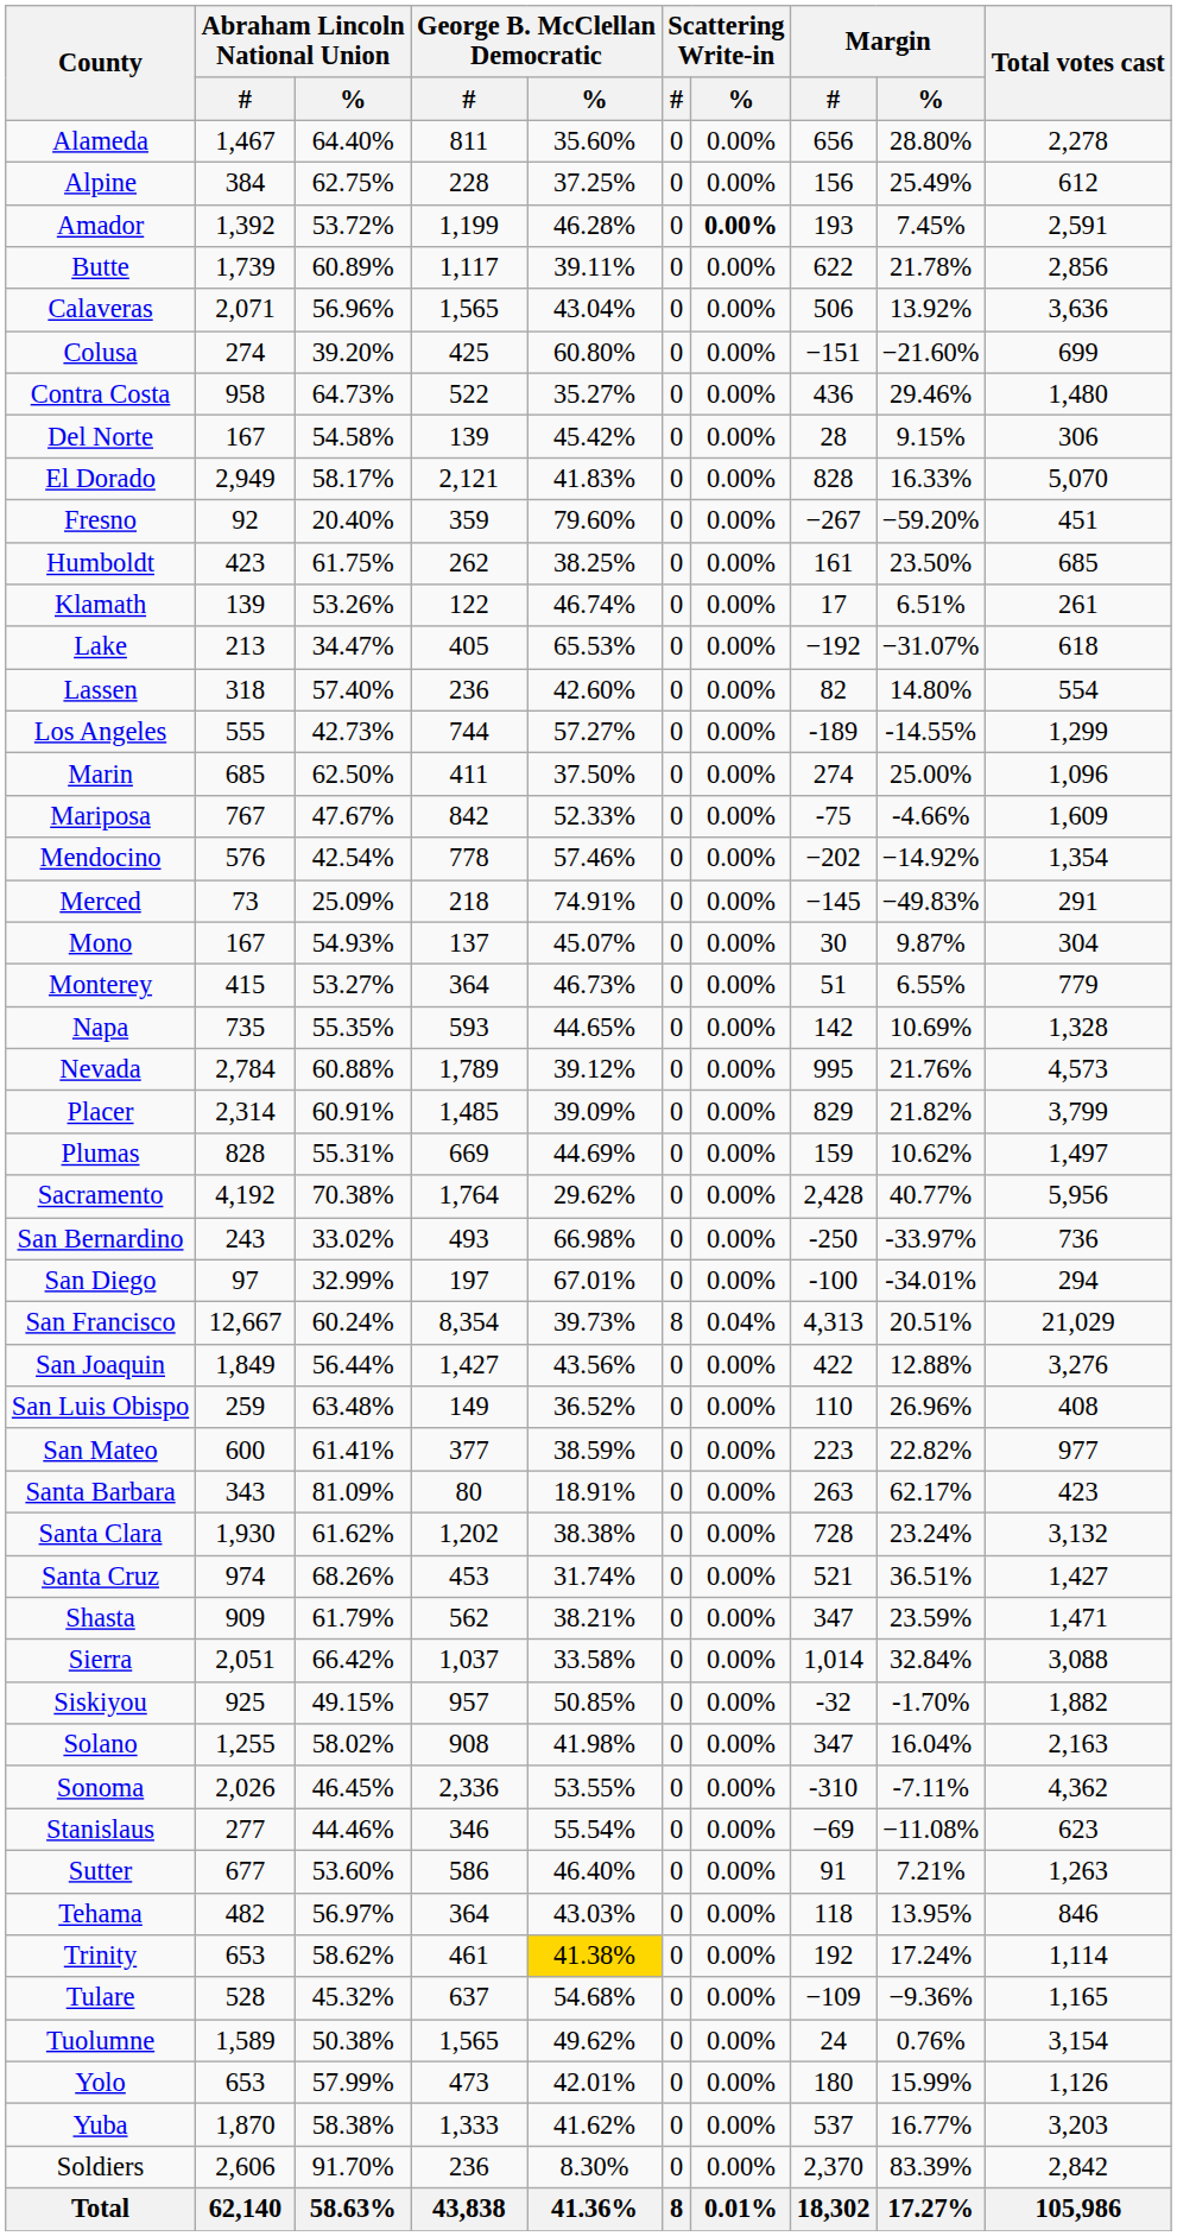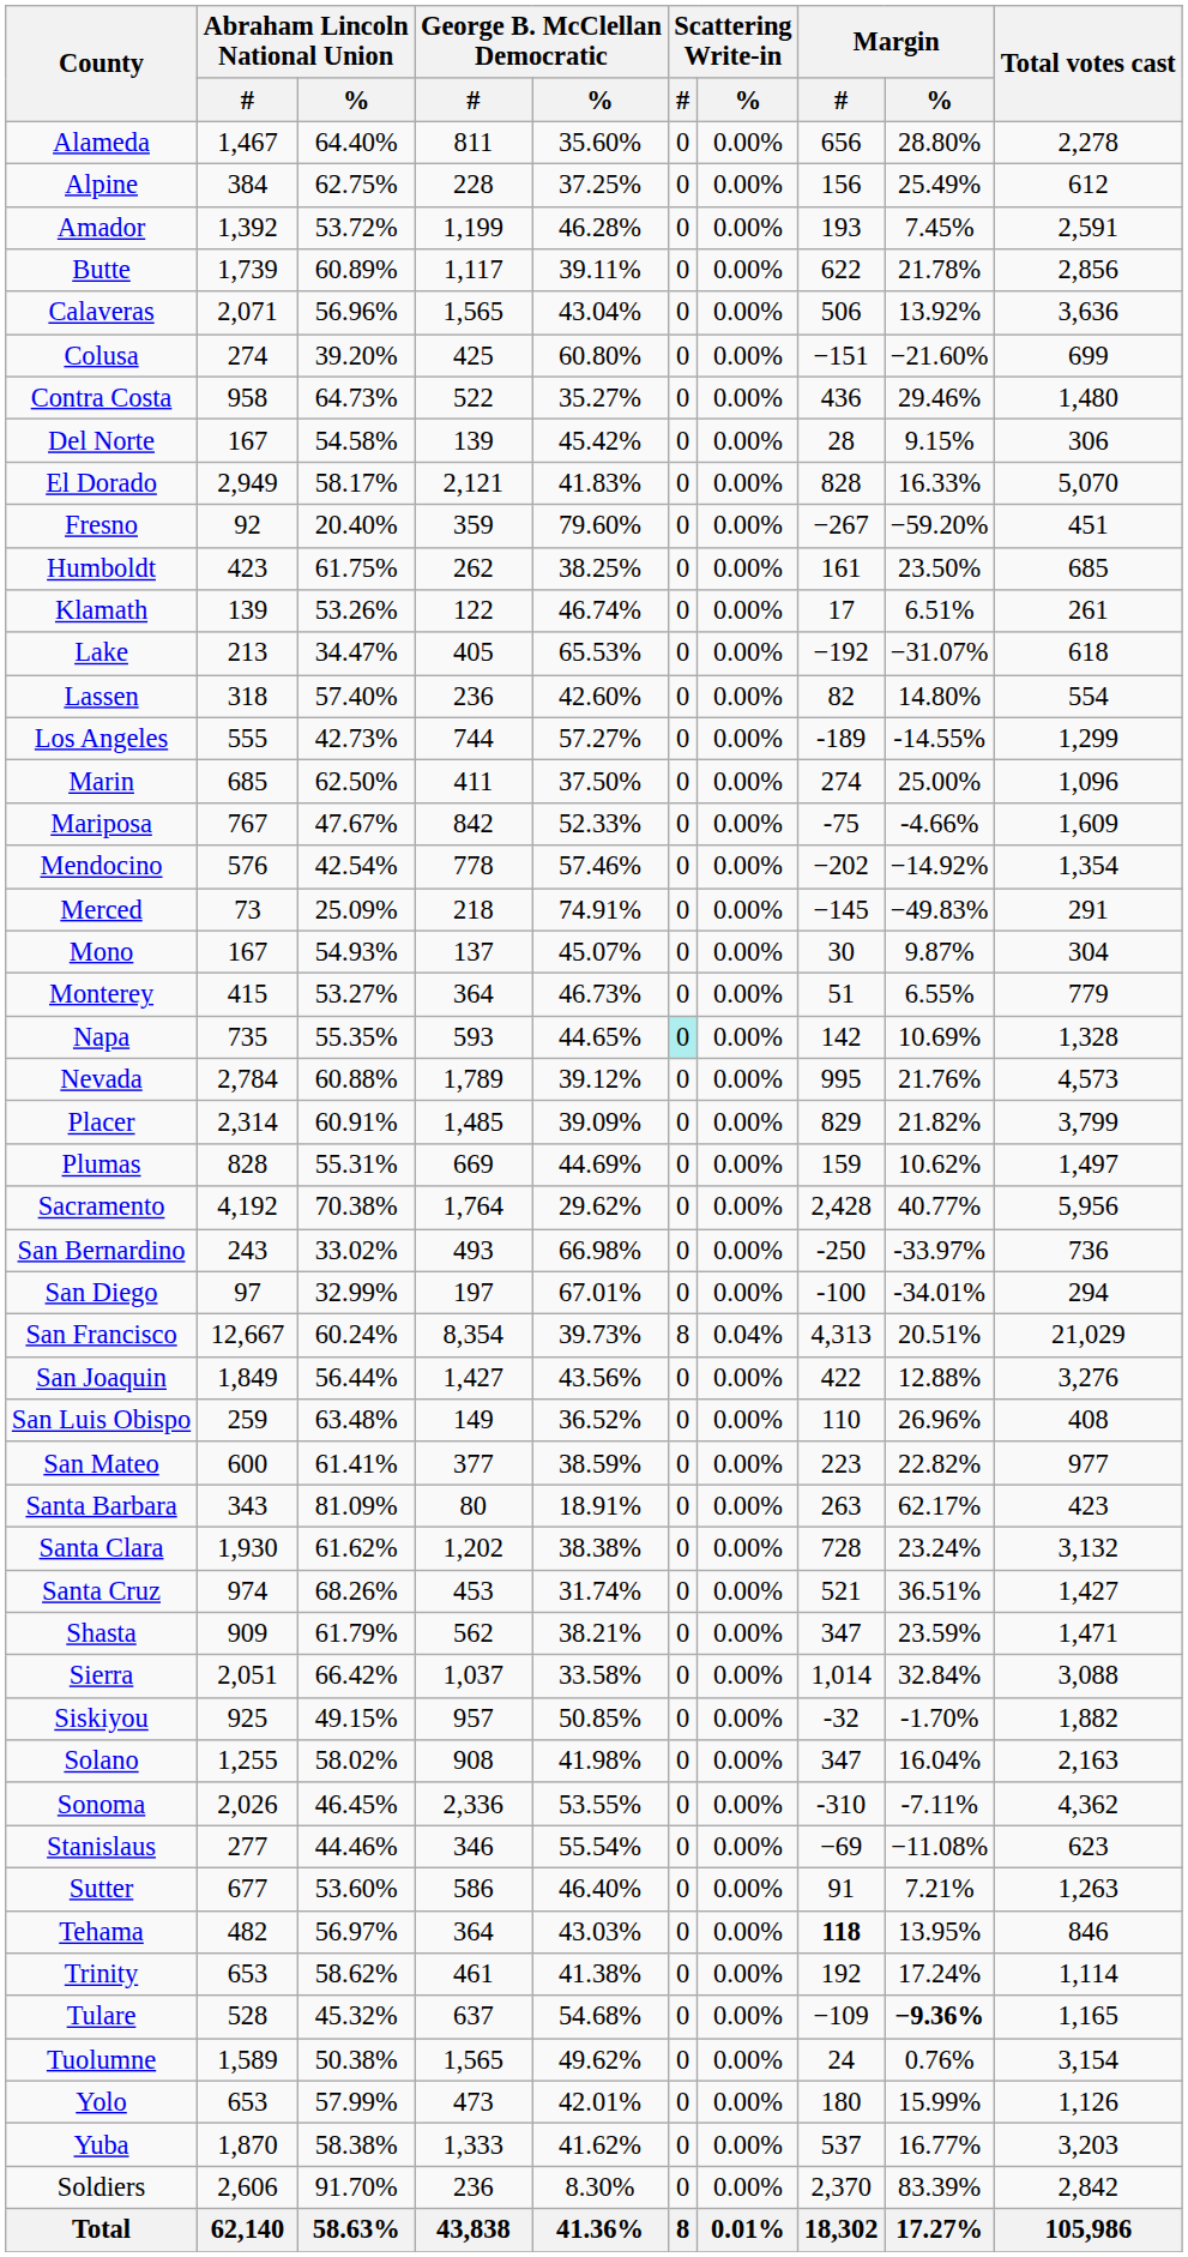 <table class="wikitable sortable" style="text-align:center">
 <tr>
 <th rowspan="2" style="text-align:center;">County</th>
 <th colspan="2" style="text-align:center;">Abraham Lincoln<br>National Union</th>
 <th colspan="2" style="text-align:center;">George B. McClellan<br>Democratic</th>
 <th colspan="2" style="text-align:center;">Scattering<br>Write-in</th>
 <th colspan="2" style="text-align:center;">Margin</th>
 <th rowspan="2" style="text-align:center;">Total votes cast</th>
 </tr>
 <tr>
 <th style="text-align:center;" data-sort-type="number">#</th>
 <th style="text-align:center;" data-sort-type="number">%</th>
 <th style="text-align:center;" data-sort-type="number">#</th>
 <th style="text-align:center;" data-sort-type="number">%</th>
 <th style="text-align:center;" data-sort-type="number">#</th>
 <th style="text-align:center;" data-sort-type="number">%</th>
 <th style="text-align:center;" data-sort-type="number">#</th>
 <th style="text-align:center;" data-sort-type="number">%</th>
 </tr>
 <tr style="text-align:center;">
 <td><a href='#'>Alameda</a></td>
 <td>1,467</td>
 <td>64.40%</td>
 <td>811</td>
 <td>35.60%</td>
 <td>0</td>
 <td>0.00%</td>
 <td>656</td>
 <td>28.80%</td>
 <td>2,278</td>
 </tr>
 <tr style="text-align:center;">
 <td><a href='#'>Alpine</a></td>
 <td>384</td>
 <td>62.75%</td>
 <td>228</td>
 <td>37.25%</td>
 <td>0</td>
 <td>0.00%</td>
 <td>156</td>
 <td>25.49%</td>
 <td>612</td>
 </tr>
 <tr style="text-align:center;">
 <td><a href='#'>Amador</a></td>
 <td>1,392</td>
 <td>53.72%</td>
 <td>1,199</td>
 <td>46.28%</td>
 <td>0</td>
-<td><strong>0.00%</strong></td>
+<td>0.00%</td>
 <td>193</td>
 <td>7.45%</td>
 <td>2,591</td>
 </tr>
 <tr style="text-align:center;">
 <td><a href='#'>Butte</a></td>
 <td>1,739</td>
 <td>60.89%</td>
 <td>1,117</td>
 <td>39.11%</td>
 <td>0</td>
 <td>0.00%</td>
 <td>622</td>
 <td>21.78%</td>
 <td>2,856</td>
 </tr>
 <tr style="text-align:center;">
 <td><a href='#'>Calaveras</a></td>
 <td>2,071</td>
 <td>56.96%</td>
 <td>1,565</td>
 <td>43.04%</td>
 <td>0</td>
 <td>0.00%</td>
 <td>506</td>
 <td>13.92%</td>
 <td>3,636</td>
 </tr>
 <tr style="text-align:center;">
 <td><a href='#'>Colusa</a></td>
 <td>274</td>
 <td>39.20%</td>
 <td>425</td>
 <td>60.80%</td>
 <td>0</td>
 <td>0.00%</td>
 <td>−151</td>
 <td>−21.60%</td>
 <td>699</td>
 </tr>
 <tr style="text-align:center;">
 <td><a href='#'>Contra Costa</a></td>
 <td>958</td>
 <td>64.73%</td>
 <td>522</td>
 <td>35.27%</td>
 <td>0</td>
 <td>0.00%</td>
 <td>436</td>
 <td>29.46%</td>
 <td>1,480</td>
 </tr>
 <tr style="text-align:center;">
 <td><a href='#'>Del Norte</a></td>
 <td>167</td>
 <td>54.58%</td>
 <td>139</td>
 <td>45.42%</td>
 <td>0</td>
 <td>0.00%</td>
 <td>28</td>
 <td>9.15%</td>
 <td>306</td>
 </tr>
 <tr style="text-align:center;">
 <td><a href='#'>El Dorado</a></td>
 <td>2,949</td>
 <td>58.17%</td>
 <td>2,121</td>
 <td>41.83%</td>
 <td>0</td>
 <td>0.00%</td>
 <td>828</td>
 <td>16.33%</td>
 <td>5,070</td>
 </tr>
 <tr style="text-align:center;">
 <td><a href='#'>Fresno</a></td>
 <td>92</td>
 <td>20.40%</td>
 <td>359</td>
 <td>79.60%</td>
 <td>0</td>
 <td>0.00%</td>
 <td>−267</td>
 <td>−59.20%</td>
 <td>451</td>
 </tr>
 <tr style="text-align:center;">
 <td><a href='#'>Humboldt</a></td>
 <td>423</td>
 <td>61.75%</td>
 <td>262</td>
 <td>38.25%</td>
 <td>0</td>
 <td>0.00%</td>
 <td>161</td>
 <td>23.50%</td>
 <td>685</td>
 </tr>
 <tr style="text-align:center;">
 <td><a href='#'>Klamath</a></td>
 <td>139</td>
 <td>53.26%</td>
 <td>122</td>
 <td>46.74%</td>
 <td>0</td>
 <td>0.00%</td>
 <td>17</td>
 <td>6.51%</td>
 <td>261</td>
 </tr>
 <tr style="text-align:center;">
 <td><a href='#'>Lake</a></td>
 <td>213</td>
 <td>34.47%</td>
 <td>405</td>
 <td>65.53%</td>
 <td>0</td>
 <td>0.00%</td>
 <td>−192</td>
 <td>−31.07%</td>
 <td>618</td>
 </tr>
 <tr style="text-align:center;">
 <td><a href='#'>Lassen</a></td>
 <td>318</td>
 <td>57.40%</td>
 <td>236</td>
 <td>42.60%</td>
 <td>0</td>
 <td>0.00%</td>
 <td>82</td>
 <td>14.80%</td>
 <td>554</td>
 </tr>
 <tr style="text-align:center;">
 <td><a href='#'>Los Angeles</a></td>
 <td>555</td>
 <td>42.73%</td>
 <td>744</td>
 <td>57.27%</td>
 <td>0</td>
 <td>0.00%</td>
 <td>-189</td>
 <td>-14.55%</td>
 <td>1,299</td>
 </tr>
 <tr style="text-align:center;">
 <td><a href='#'>Marin</a></td>
 <td>685</td>
 <td>62.50%</td>
 <td>411</td>
 <td>37.50%</td>
 <td>0</td>
 <td>0.00%</td>
 <td>274</td>
 <td>25.00%</td>
 <td>1,096</td>
 </tr>
 <tr style="text-align:center;">
 <td><a href='#'>Mariposa</a></td>
 <td>767</td>
 <td>47.67%</td>
 <td>842</td>
 <td>52.33%</td>
 <td>0</td>
 <td>0.00%</td>
 <td>-75</td>
 <td>-4.66%</td>
 <td>1,609</td>
 </tr>
 <tr style="text-align:center;">
 <td><a href='#'>Mendocino</a></td>
 <td>576</td>
 <td>42.54%</td>
 <td>778</td>
 <td>57.46%</td>
 <td>0</td>
 <td>0.00%</td>
 <td>−202</td>
 <td>−14.92%</td>
 <td>1,354</td>
 </tr>
 <tr style="text-align:center;">
 <td><a href='#'>Merced</a></td>
 <td>73</td>
 <td>25.09%</td>
 <td>218</td>
 <td>74.91%</td>
 <td>0</td>
 <td>0.00%</td>
 <td>−145</td>
 <td>−49.83%</td>
 <td>291</td>
 </tr>
 <tr style="text-align:center;">
 <td><a href='#'>Mono</a></td>
 <td>167</td>
 <td>54.93%</td>
 <td>137</td>
 <td>45.07%</td>
 <td>0</td>
 <td>0.00%</td>
 <td>30</td>
 <td>9.87%</td>
 <td>304</td>
 </tr>
 <tr style="text-align:center;">
 <td><a href='#'>Monterey</a></td>
 <td>415</td>
 <td>53.27%</td>
 <td>364</td>
 <td>46.73%</td>
 <td>0</td>
 <td>0.00%</td>
 <td>51</td>
 <td>6.55%</td>
 <td>779</td>
 </tr>
 <tr style="text-align:center;">
 <td><a href='#'>Napa</a></td>
 <td>735</td>
 <td>55.35%</td>
 <td>593</td>
 <td>44.65%</td>
-<td>0</td>
+<td style="background: paleturquoise;">0</td>
 <td>0.00%</td>
 <td>142</td>
 <td>10.69%</td>
 <td>1,328</td>
 </tr>
 <tr style="text-align:center;">
 <td><a href='#'>Nevada</a></td>
 <td>2,784</td>
 <td>60.88%</td>
 <td>1,789</td>
 <td>39.12%</td>
 <td>0</td>
 <td>0.00%</td>
 <td>995</td>
 <td>21.76%</td>
 <td>4,573</td>
 </tr>
 <tr style="text-align:center;">
 <td><a href='#'>Placer</a></td>
 <td>2,314</td>
 <td>60.91%</td>
 <td>1,485</td>
 <td>39.09%</td>
 <td>0</td>
 <td>0.00%</td>
 <td>829</td>
 <td>21.82%</td>
 <td>3,799</td>
 </tr>
 <tr style="text-align:center;">
 <td><a href='#'>Plumas</a></td>
 <td>828</td>
 <td>55.31%</td>
 <td>669</td>
 <td>44.69%</td>
 <td>0</td>
 <td>0.00%</td>
 <td>159</td>
 <td>10.62%</td>
 <td>1,497</td>
 </tr>
 <tr style="text-align:center;">
 <td><a href='#'>Sacramento</a></td>
 <td>4,192</td>
 <td>70.38%</td>
 <td>1,764</td>
 <td>29.62%</td>
 <td>0</td>
 <td>0.00%</td>
 <td>2,428</td>
 <td>40.77%</td>
 <td>5,956</td>
 </tr>
 <tr style="text-align:center;">
 <td><a href='#'>San Bernardino</a></td>
 <td>243</td>
 <td>33.02%</td>
 <td>493</td>
 <td>66.98%</td>
 <td>0</td>
 <td>0.00%</td>
 <td>-250</td>
 <td>-33.97%</td>
 <td>736</td>
 </tr>
 <tr style="text-align:center;">
 <td><a href='#'>San Diego</a></td>
 <td>97</td>
 <td>32.99%</td>
 <td>197</td>
 <td>67.01%</td>
 <td>0</td>
 <td>0.00%</td>
 <td>-100</td>
 <td>-34.01%</td>
 <td>294</td>
 </tr>
 <tr style="text-align:center;">
 <td><a href='#'>San Francisco</a></td>
 <td>12,667</td>
 <td>60.24%</td>
 <td>8,354</td>
 <td>39.73%</td>
 <td>8</td>
 <td>0.04%</td>
 <td>4,313</td>
 <td>20.51%</td>
 <td>21,029</td>
 </tr>
 <tr style="text-align:center;">
 <td><a href='#'>San Joaquin</a></td>
 <td>1,849</td>
 <td>56.44%</td>
 <td>1,427</td>
 <td>43.56%</td>
 <td>0</td>
 <td>0.00%</td>
 <td>422</td>
 <td>12.88%</td>
 <td>3,276</td>
 </tr>
 <tr style="text-align:center;">
 <td><a href='#'>San Luis Obispo</a></td>
 <td>259</td>
 <td>63.48%</td>
 <td>149</td>
 <td>36.52%</td>
 <td>0</td>
 <td>0.00%</td>
 <td>110</td>
 <td>26.96%</td>
 <td>408</td>
 </tr>
 <tr style="text-align:center;">
 <td><a href='#'>San Mateo</a></td>
 <td>600</td>
 <td>61.41%</td>
 <td>377</td>
 <td>38.59%</td>
 <td>0</td>
 <td>0.00%</td>
 <td>223</td>
 <td>22.82%</td>
 <td>977</td>
 </tr>
 <tr style="text-align:center;">
 <td><a href='#'>Santa Barbara</a></td>
 <td>343</td>
 <td>81.09%</td>
 <td>80</td>
 <td>18.91%</td>
 <td>0</td>
 <td>0.00%</td>
 <td>263</td>
 <td>62.17%</td>
 <td>423</td>
 </tr>
 <tr style="text-align:center;">
 <td><a href='#'>Santa Clara</a></td>
 <td>1,930</td>
 <td>61.62%</td>
 <td>1,202</td>
 <td>38.38%</td>
 <td>0</td>
 <td>0.00%</td>
 <td>728</td>
 <td>23.24%</td>
 <td>3,132</td>
 </tr>
 <tr style="text-align:center;">
 <td><a href='#'>Santa Cruz</a></td>
 <td>974</td>
 <td>68.26%</td>
 <td>453</td>
 <td>31.74%</td>
 <td>0</td>
 <td>0.00%</td>
 <td>521</td>
 <td>36.51%</td>
 <td>1,427</td>
 </tr>
 <tr style="text-align:center;">
 <td><a href='#'>Shasta</a></td>
 <td>909</td>
 <td>61.79%</td>
 <td>562</td>
 <td>38.21%</td>
 <td>0</td>
 <td>0.00%</td>
 <td>347</td>
 <td>23.59%</td>
 <td>1,471</td>
 </tr>
 <tr style="text-align:center;">
 <td><a href='#'>Sierra</a></td>
 <td>2,051</td>
 <td>66.42%</td>
 <td>1,037</td>
 <td>33.58%</td>
 <td>0</td>
 <td>0.00%</td>
 <td>1,014</td>
 <td>32.84%</td>
 <td>3,088</td>
 </tr>
 <tr style="text-align:center;">
 <td><a href='#'>Siskiyou</a></td>
 <td>925</td>
 <td>49.15%</td>
 <td>957</td>
 <td>50.85%</td>
 <td>0</td>
 <td>0.00%</td>
 <td>-32</td>
 <td>-1.70%</td>
 <td>1,882</td>
 </tr>
 <tr style="text-align:center;">
 <td><a href='#'>Solano</a></td>
 <td>1,255</td>
 <td>58.02%</td>
 <td>908</td>
 <td>41.98%</td>
 <td>0</td>
 <td>0.00%</td>
 <td>347</td>
 <td>16.04%</td>
 <td>2,163</td>
 </tr>
 <tr style="text-align:center;">
 <td><a href='#'>Sonoma</a></td>
 <td>2,026</td>
 <td>46.45%</td>
 <td>2,336</td>
 <td>53.55%</td>
 <td>0</td>
 <td>0.00%</td>
 <td>-310</td>
 <td>-7.11%</td>
 <td>4,362</td>
 </tr>
 <tr style="text-align:center;">
 <td><a href='#'>Stanislaus</a></td>
 <td>277</td>
 <td>44.46%</td>
 <td>346</td>
 <td>55.54%</td>
 <td>0</td>
 <td>0.00%</td>
 <td>−69</td>
 <td>−11.08%</td>
 <td>623</td>
 </tr>
 <tr style="text-align:center;">
 <td><a href='#'>Sutter</a></td>
 <td>677</td>
 <td>53.60%</td>
 <td>586</td>
 <td>46.40%</td>
 <td>0</td>
 <td>0.00%</td>
 <td>91</td>
 <td>7.21%</td>
 <td>1,263</td>
 </tr>
 <tr style="text-align:center;">
 <td><a href='#'>Tehama</a></td>
 <td>482</td>
 <td>56.97%</td>
 <td>364</td>
 <td>43.03%</td>
 <td>0</td>
 <td>0.00%</td>
-<td>118</td>
+<td><strong>118</strong></td>
 <td>13.95%</td>
 <td>846</td>
 </tr>
 <tr style="text-align:center;">
 <td><a href='#'>Trinity</a></td>
 <td>653</td>
 <td>58.62%</td>
 <td>461</td>
-<td style="background: gold;">41.38%</td>
+<td>41.38%</td>
 <td>0</td>
 <td>0.00%</td>
 <td>192</td>
 <td>17.24%</td>
 <td>1,114</td>
 </tr>
 <tr style="text-align:center;">
 <td><a href='#'>Tulare</a></td>
 <td>528</td>
 <td>45.32%</td>
 <td>637</td>
 <td>54.68%</td>
 <td>0</td>
 <td>0.00%</td>
 <td>−109</td>
-<td>−9.36%</td>
+<td><strong>−9.36%</strong></td>
 <td>1,165</td>
 </tr>
 <tr style="text-align:center;">
 <td><a href='#'>Tuolumne</a></td>
 <td>1,589</td>
 <td>50.38%</td>
 <td>1,565</td>
 <td>49.62%</td>
 <td>0</td>
 <td>0.00%</td>
 <td>24</td>
 <td>0.76%</td>
 <td>3,154</td>
 </tr>
 <tr style="text-align:center;">
 <td><a href='#'>Yolo</a></td>
 <td>653</td>
 <td>57.99%</td>
 <td>473</td>
 <td>42.01%</td>
 <td>0</td>
 <td>0.00%</td>
 <td>180</td>
 <td>15.99%</td>
 <td>1,126</td>
 </tr>
 <tr style="text-align:center;">
 <td><a href='#'>Yuba</a></td>
 <td>1,870</td>
 <td>58.38%</td>
 <td>1,333</td>
 <td>41.62%</td>
 <td>0</td>
 <td>0.00%</td>
 <td>537</td>
 <td>16.77%</td>
 <td>3,203</td>
 </tr>
 <tr style="text-align:center;">
 <td>Soldiers</td>
 <td>2,606</td>
 <td>91.70%</td>
 <td>236</td>
 <td>8.30%</td>
 <td>0</td>
 <td>0.00%</td>
 <td>2,370</td>
 <td>83.39%</td>
 <td>2,842</td>
 </tr>
 <tr>
 <th>Total</th>
 <th>62,140</th>
 <th>58.63%</th>
 <th>43,838</th>
 <th>41.36%</th>
 <th>8</th>
 <th>0.01%</th>
 <th>18,302</th>
 <th>17.27%</th>
 <th>105,986</th>
 </tr>
 </table>
